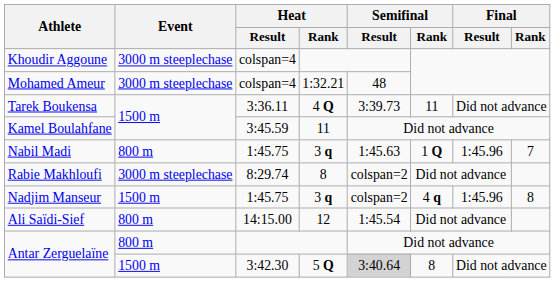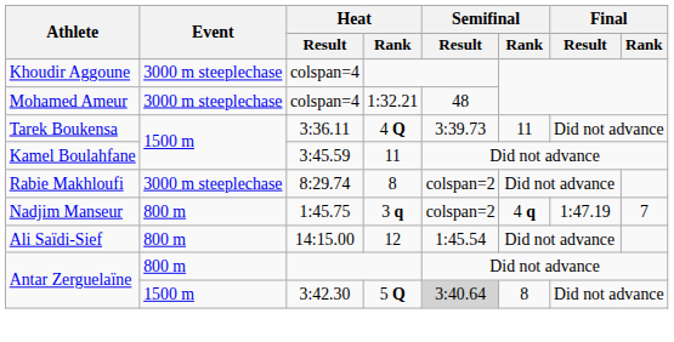 <table class=wikitable style="font-size:90%">
 <tr>
 <th rowspan="2">Athlete</th>
 <th rowspan="2">Event</th>
 <th colspan="2">Heat</th>
 <th colspan="2">Semifinal</th>
 <th colspan="2">Final</th>
 </tr>
 <tr style="font-size:95%">
 <th>Result</th>
 <th>Rank</th>
 <th>Result</th>
 <th>Rank</th>
 <th>Result</th>
 <th>Rank</th>
 </tr>
 <tr align=center>
 <td align=left><a href='#'>Khoudir Aggoune</a></td>
 <td align=left><a href='#'>3000 m steeplechase</a></td>
 <td>colspan=4 </td>
 <td colspan=2></td>
 </tr>
 <tr align=center>
 <td align=left><a href='#'>Mohamed Ameur</a></td>
 <td align=left><a href='#'>3000 m steeplechase</a></td>
 <td>colspan=4 </td>
 <td>1:32.21</td>
 <td>48</td>
 </tr>
 <tr align=center>
 <td align=left><a href='#'>Tarek Boukensa</a></td>
 <td align=left rowspan=2><a href='#'>1500 m</a></td>
 <td>3:36.11</td>
 <td>4 <strong>Q</strong></td>
 <td>3:39.73</td>
 <td>11</td>
 <td colspan=2>Did not advance</td>
 </tr>
 <tr align=center>
 <td align=left><a href='#'>Kamel Boulahfane</a></td>
 <td>3:45.59</td>
 <td>11</td>
 <td colspan=4>Did not advance</td>
 </tr>
 <tr align=center>
-<td align=left><a href='#'>Nabil Madi</a></td>
-<td align=left><a href='#'>800 m</a></td>
-<td>1:45.75</td>
-<td>3 <strong>q</strong></td>
-<td>1:45.63</td>
-<td>1 <strong>Q</strong></td>
-<td>1:45.96</td>
-<td>7</td>
-</tr>
-<tr align=center>
 <td align=left><a href='#'>Rabie Makhloufi</a></td>
 <td align=left><a href='#'>3000 m steeplechase</a></td>
 <td>8:29.74</td>
 <td>8</td>
 <td>colspan=2 </td>
 <td colspan=2>Did not advance</td>
 </tr>
 <tr align=center>
 <td align=left><a href='#'>Nadjim Manseur</a></td>
-<td align=left><a href='#'>1500 m</a></td>
+<td align=left><a href='#'>800 m</a></td>
 <td>1:45.75</td>
 <td>3 <strong>q</strong></td>
 <td>colspan=2 </td>
 <td>4 <strong>q</strong></td>
-<td>1:45.96</td>
-<td>8</td>
+<td>1:47.19</td>
+<td>7</td>
 </tr>
 <tr align=center>
 <td align=left><a href='#'>Ali Saïdi-Sief</a></td>
 <td align=left><a href='#'>800 m</a></td>
 <td>14:15.00</td>
 <td>12</td>
 <td>1:45.54</td>
 <td colspan=2>Did not advance</td>
 </tr>
 <tr align=center>
 <td align=left rowspan=2><a href='#'>Antar Zerguelaïne</a></td>
 <td align=left><a href='#'>800 m</a></td>
 <td colspan=2></td>
 <td colspan=4>Did not advance</td>
 </tr>
 <tr align=center>
 <td align=left><a href='#'>1500 m</a></td>
 <td>3:42.30</td>
 <td>5 <strong>Q</strong></td>
 <td style="background: lightgrey;">3:40.64</td>
 <td>8</td>
 <td colspan=2>Did not advance</td>
 </tr>
 </table>
